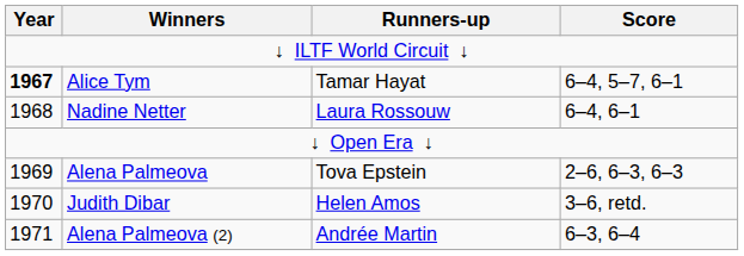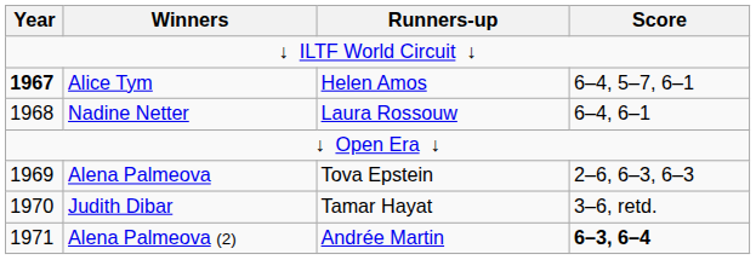 <table class="wikitable">
 <tr>
 <th style="width:40px">Year</th>
 <th style="width:200px">Winners</th>
 <th style="width:200px">Runners-up</th>
 <th style="width:140px" class="unsortable">Score</th>
 </tr>
 <tr>
 <td colspan=4 align=center>↓  <a href='#'>ILTF World Circuit</a>  ↓</td>
 </tr>
 <tr>
 <td><strong>1967</strong></td>
 <td> <a href='#'>Alice Tym</a></td>
-<td> Tamar Hayat</td>
+<td> <a href='#'>Helen Amos</a></td>
 <td>6–4, 5–7, 6–1</td>
 </tr>
 <tr>
 <td>1968</td>
 <td> <a href='#'>Nadine Netter</a></td>
 <td> <a href='#'>Laura Rossouw</a></td>
 <td>6–4, 6–1</td>
 </tr>
 <tr>
 <td colspan=4 align=center>↓  <a href='#'>Open Era</a>  ↓</td>
 </tr>
 <tr>
 <td>1969</td>
 <td> <a href='#'>Alena Palmeova</a></td>
 <td> Tova Epstein</td>
 <td>2–6, 6–3, 6–3</td>
 </tr>
 <tr>
 <td>1970</td>
 <td> <a href='#'>Judith Dibar</a></td>
-<td> <a href='#'>Helen Amos</a></td>
+<td> Tamar Hayat</td>
 <td>3–6, retd.</td>
 </tr>
 <tr>
 <td>1971</td>
 <td> <a href='#'>Alena Palmeova</a> <small>(2)</small></td>
 <td> <a href='#'>Andrée Martin</a></td>
-<td>6–3, 6–4</td>
+<td><strong>6–3, 6–4</strong></td>
 </tr>
 <tr>
 </tr>
 </table>
